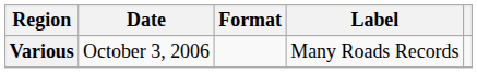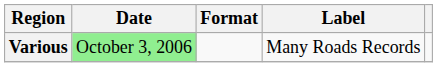 <table class="wikitable plainrowheaders">
 <tr>
 <th scope="col">Region</th>
 <th scope="col">Date</th>
 <th scope="col">Format</th>
 <th scope="col">Label</th>
 <th scope="col"></th>
 </tr>
 <tr>
 <th scope="row">Various</th>
-<td>October 3, 2006</td>
+<td style="background: lightgreen;">October 3, 2006</td>
 <td></td>
 <td>Many Roads Records</td>
 <td style="text-align:center;"></td>
 </tr>
 <tr>
 </tr>
 </table>
